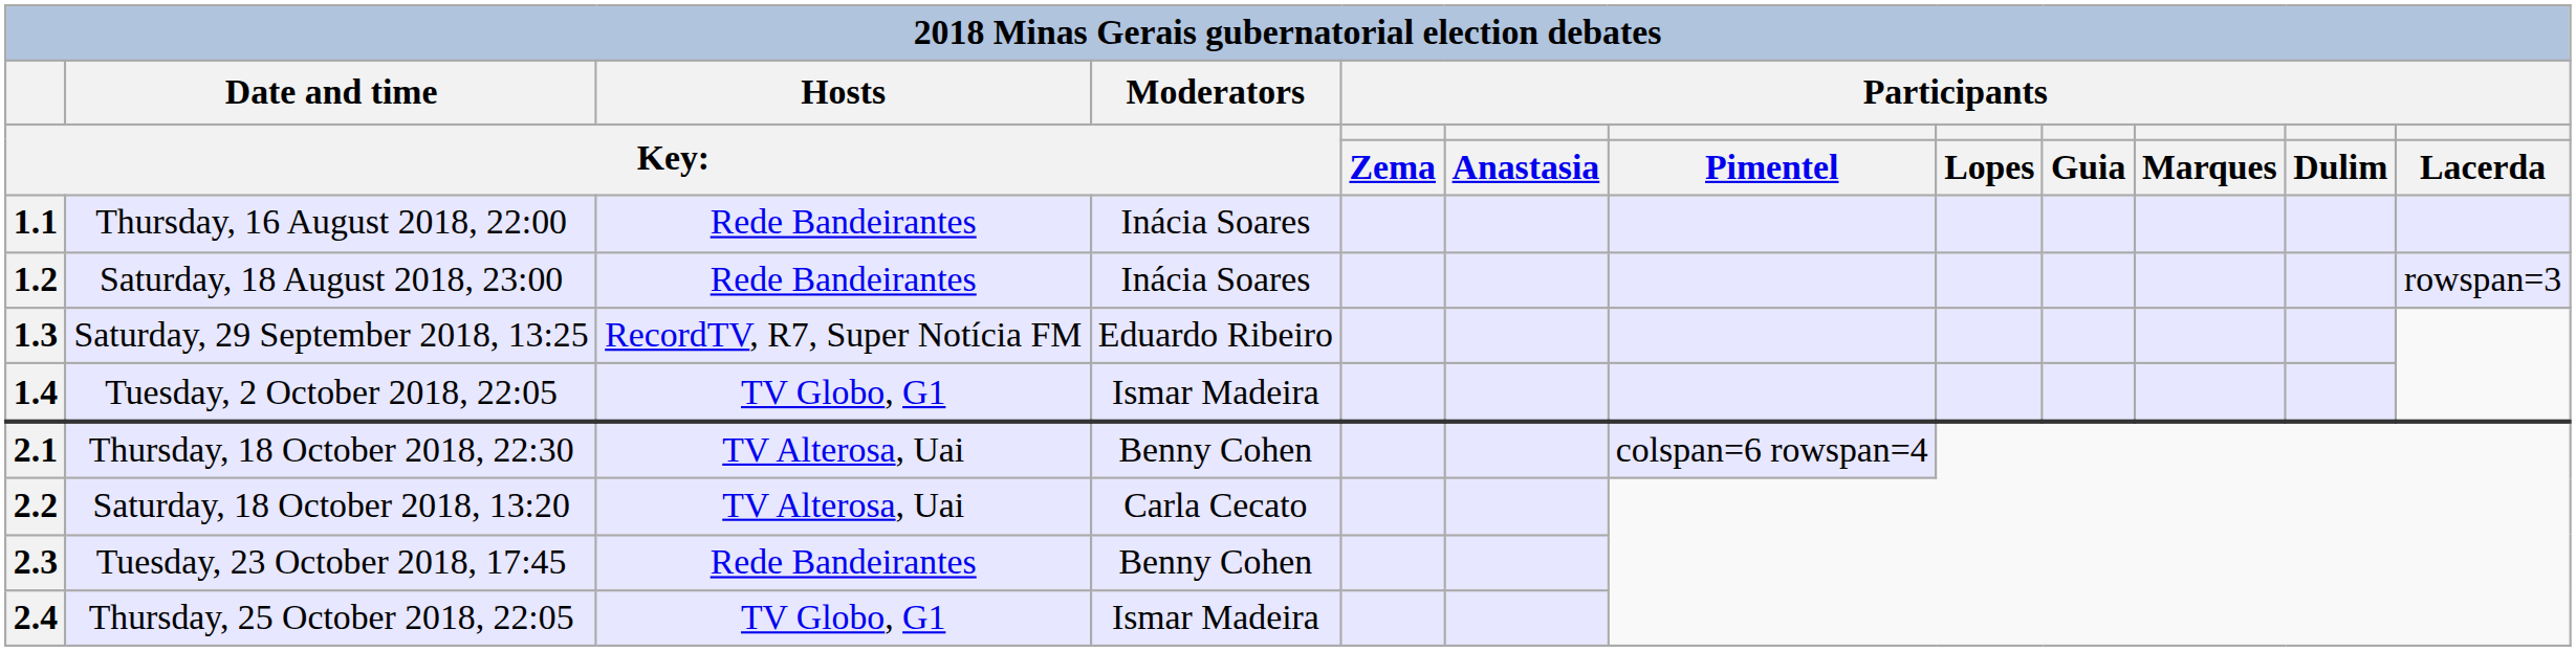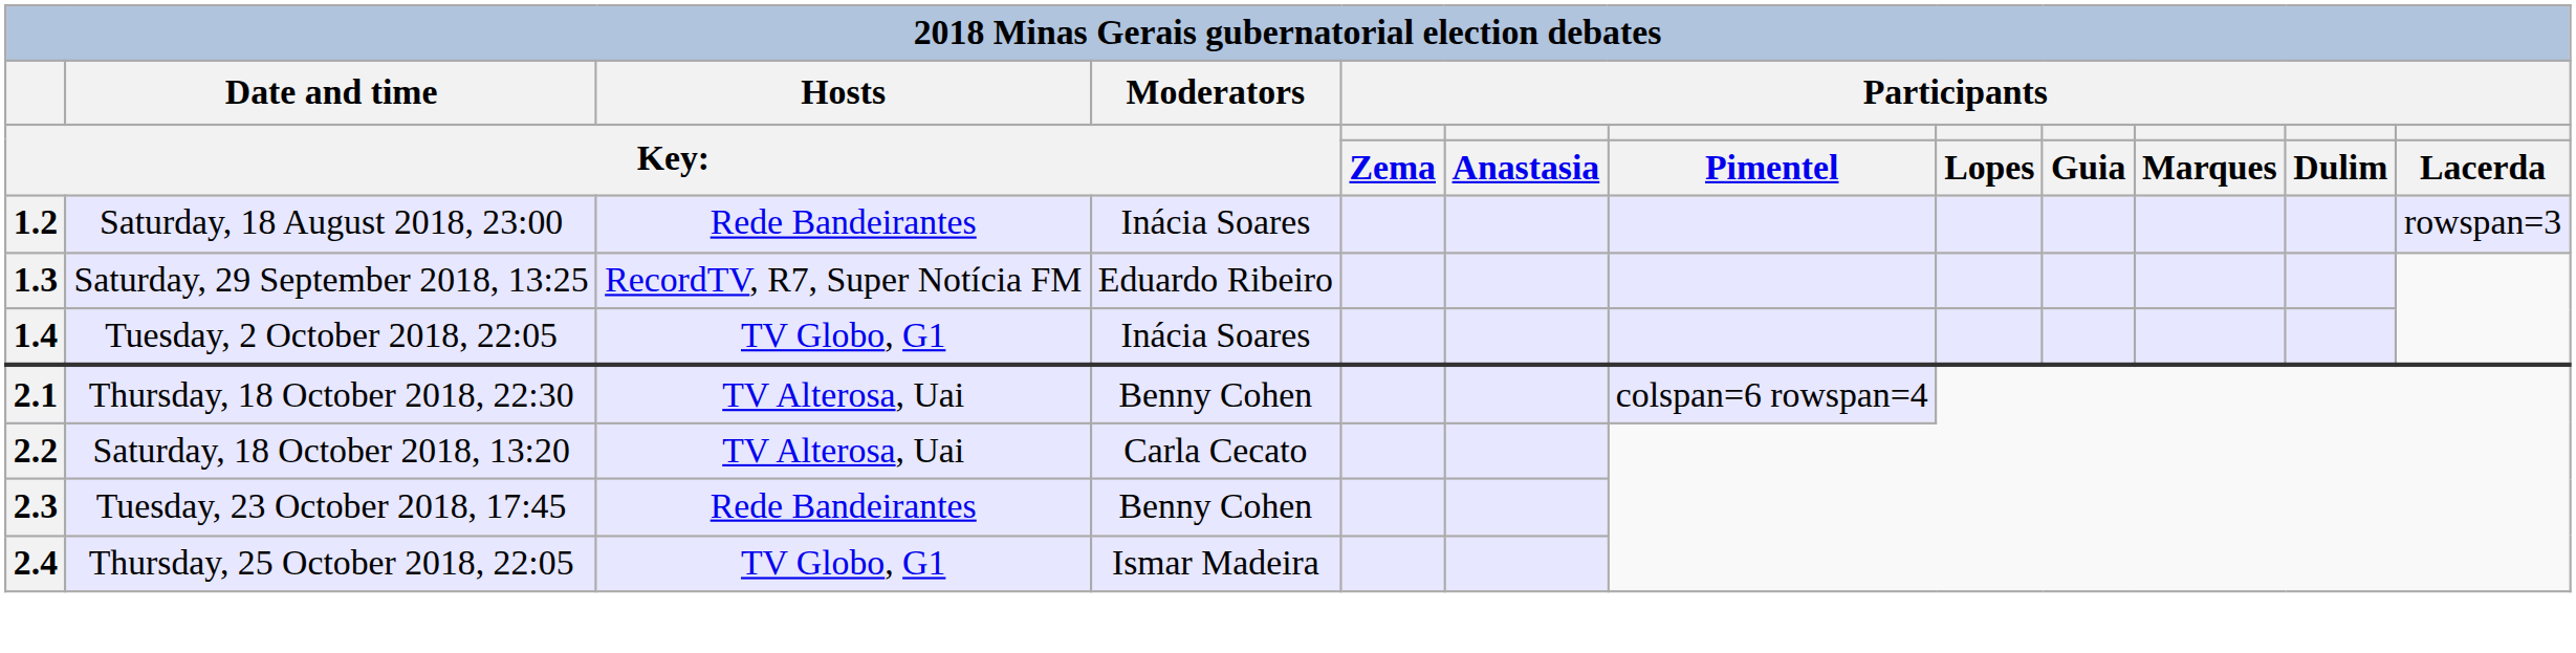 <table class="plainrowheaders wikitable" style=text-align:center>
 <tr>
 <th colspan=12 style=background:#B0C4DE>2018 Minas Gerais gubernatorial election debates</th>
 </tr>
 <tr style=line-height:1.3>
 <th></th>
 <th>Date and time</th>
 <th>Hosts</th>
 <th>Moderators</th>
 <th colspan=8 scope=col>Participants</th>
 </tr>
 <tr>
 <th colspan=4 rowspan=2>Key:<br></th>
 <th scope=col style=background:><small><a href='#'></a></small></th>
 <th scope=col style=background:><small><a href='#'></a></small></th>
 <th scope=col style=background:><small><a href='#'></a></small></th>
 <th scope=col style=background:><small><a href='#'></a></small></th>
 <th scope=col style=background:><small><a href='#'></a></small></th>
 <th scope=col style=background:><small><a href='#'></a></small></th>
 <th scope=col style=background:><small><a href='#'></a></small></th>
 <th scope=col style=background:><small><a href='#'></a></small></th>
 </tr>
 <tr>
 <th><a href='#'>Zema</a></th>
 <th><a href='#'>Anastasia</a></th>
 <th><a href='#'>Pimentel</a></th>
 <th>Lopes</th>
 <th>Guia</th>
 <th>Marques</th>
 <th>Dulim</th>
 <th>Lacerda</th>
 </tr>
 <tr style=background:#e7e7ff>
-<th scope=row style=text-align:center>1.1</th>
-<td>Thursday, 16 August 2018, 22:00</td>
-<td><a href='#'>Rede Bandeirantes</a></td>
-<td>Inácia Soares</td>
-<td></td>
-<td></td>
-<td></td>
-<td></td>
-<td></td>
-<td></td>
-<td></td>
-<td></td>
-</tr>
-<tr style=background:#e7e7ff>
 <th scope=row style=text-align:center>1.2</th>
 <td>Saturday, 18 August 2018, 23:00</td>
 <td><a href='#'>Rede Bandeirantes</a></td>
 <td>Inácia Soares</td>
 <td></td>
 <td></td>
 <td></td>
 <td></td>
 <td></td>
 <td></td>
 <td></td>
 <td>rowspan=3 </td>
 </tr>
 <tr style=background:#e7e7ff>
 <th scope=row style=text-align:center>1.3</th>
 <td>Saturday, 29 September 2018, 13:25</td>
 <td><a href='#'>RecordTV</a>, R7, Super Notícia FM</td>
 <td>Eduardo Ribeiro</td>
 <td></td>
 <td></td>
 <td></td>
 <td></td>
 <td></td>
 <td></td>
 <td></td>
 </tr>
 <tr style=background:#e7e7ff>
 <th scope=row style=text-align:center>1.4</th>
 <td>Tuesday, 2 October 2018, 22:05</td>
 <td><a href='#'>TV Globo</a>, <a href='#'>G1</a></td>
-<td>Ismar Madeira</td>
+<td>Inácia Soares</td>
 <td></td>
 <td></td>
 <td></td>
 <td></td>
 <td></td>
 <td></td>
 <td></td>
 </tr>
 <tr style="background:#e7e7ff; border-top: 2px solid #333333">
 <th scope=row style=text-align:center>2.1</th>
 <td>Thursday, 18 October 2018, 22:30</td>
 <td><a href='#'>TV Alterosa</a>, Uai</td>
 <td>Benny Cohen</td>
 <td></td>
 <td></td>
 <td>colspan=6 rowspan=4 </td>
 </tr>
 <tr style="background:#e7e7ff">
 <th scope=row style=text-align:center>2.2</th>
 <td>Saturday, 18 October 2018, 13:20</td>
 <td><a href='#'>TV Alterosa</a>, Uai</td>
 <td>Carla Cecato</td>
 <td></td>
 <td></td>
 </tr>
 <tr style="background:#e7e7ff">
 <th scope=row style=text-align:center>2.3</th>
 <td>Tuesday, 23 October 2018, 17:45</td>
 <td><a href='#'>Rede Bandeirantes</a></td>
 <td>Benny Cohen</td>
 <td></td>
 <td></td>
 </tr>
 <tr style="background:#e7e7ff">
 <th scope=row style=text-align:center>2.4</th>
 <td>Thursday, 25 October 2018, 22:05</td>
 <td><a href='#'>TV Globo</a>, <a href='#'>G1</a></td>
 <td>Ismar Madeira</td>
 <td></td>
 <td></td>
 </tr>
 </table>
